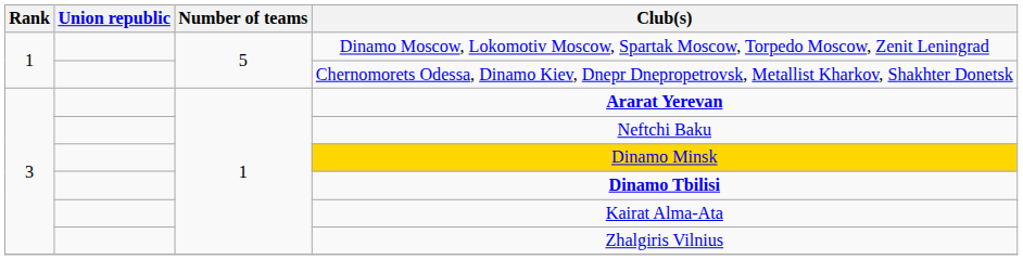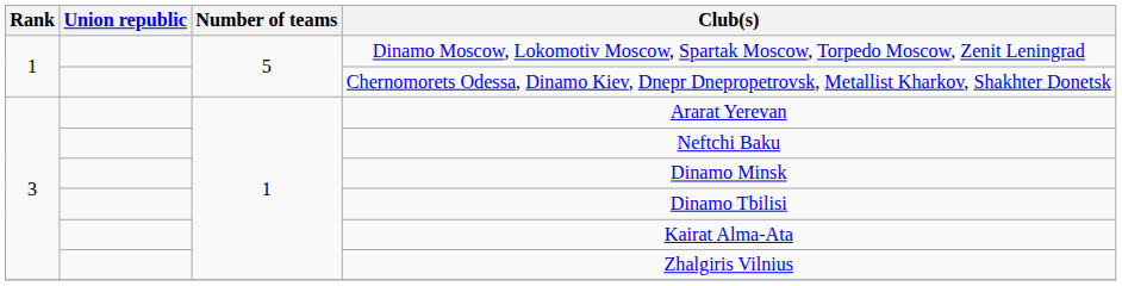 <table class="wikitable">
 <tr>
 <th>Rank</th>
 <th><a href='#'>Union republic</a></th>
 <th>Number of teams</th>
 <th>Club(s)</th>
 </tr>
 <tr>
 <td align="center" rowspan=2>1</td>
 <td></td>
 <td align="center" rowspan=2>5</td>
 <td align="center"><a href='#'>Dinamo Moscow</a>, <a href='#'>Lokomotiv Moscow</a>, <a href='#'>Spartak Moscow</a>, <a href='#'>Torpedo Moscow</a>, <a href='#'>Zenit Leningrad</a></td>
 </tr>
 <tr>
 <td></td>
 <td align="center"><a href='#'>Chernomorets Odessa</a>, <a href='#'>Dinamo Kiev</a>, <a href='#'>Dnepr Dnepropetrovsk</a>, <a href='#'>Metallist Kharkov</a>, <a href='#'>Shakhter Donetsk</a></td>
 </tr>
 <tr>
 <td align="center" rowspan=6>3</td>
 <td></td>
 <td align="center" rowspan=6>1</td>
-<td align="center"><strong><a href='#'>Ararat Yerevan</a></strong></td>
+<td align="center"><a href='#'>Ararat Yerevan</a></td>
 </tr>
 <tr>
 <td></td>
 <td align="center"><a href='#'>Neftchi Baku</a></td>
 </tr>
 <tr>
 <td></td>
-<td align="center" style="background: gold;"><a href='#'>Dinamo Minsk</a></td>
+<td align="center"><a href='#'>Dinamo Minsk</a></td>
 </tr>
 <tr>
 <td></td>
-<td align="center"><strong><a href='#'>Dinamo Tbilisi</a></strong></td>
+<td align="center"><a href='#'>Dinamo Tbilisi</a></td>
 </tr>
 <tr>
 <td></td>
 <td align="center"><a href='#'>Kairat Alma-Ata</a></td>
 </tr>
 <tr>
 <td></td>
 <td align="center"><a href='#'>Zhalgiris Vilnius</a></td>
 </tr>
 <tr>
 </tr>
 </table>
